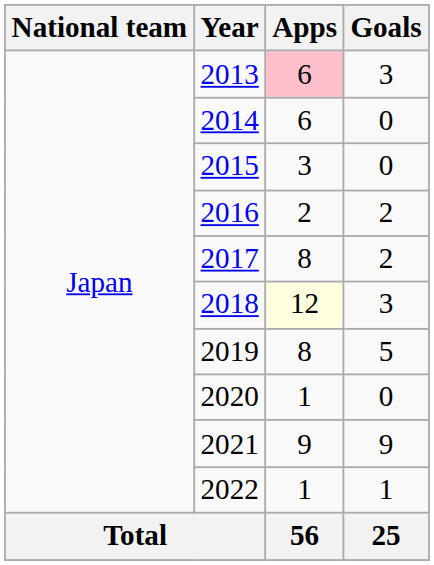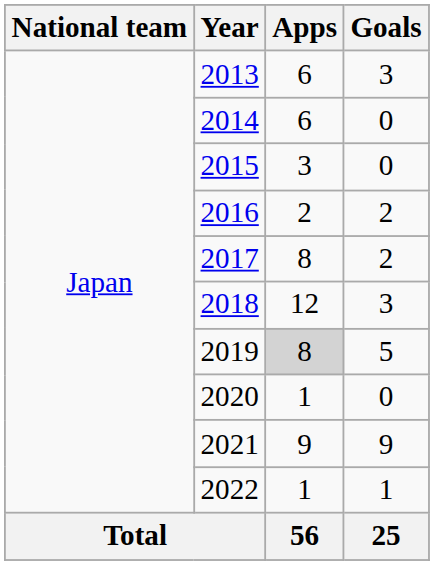 <table class="wikitable" style="text-align:center">
 <tr>
 <th>National team</th>
 <th>Year</th>
 <th>Apps</th>
 <th>Goals</th>
 </tr>
 <tr>
 <td rowspan="10"><a href='#'>Japan</a></td>
 <td><a href='#'>2013</a></td>
-<td style="background: pink;">6</td>
+<td>6</td>
 <td>3</td>
 </tr>
 <tr>
 <td><a href='#'>2014</a></td>
 <td>6</td>
 <td>0</td>
 </tr>
 <tr>
 <td><a href='#'>2015</a></td>
 <td>3</td>
 <td>0</td>
 </tr>
 <tr>
 <td><a href='#'>2016</a></td>
 <td>2</td>
 <td>2</td>
 </tr>
 <tr>
 <td><a href='#'>2017</a></td>
 <td>8</td>
 <td>2</td>
 </tr>
 <tr>
 <td><a href='#'>2018</a></td>
-<td style="background: lightyellow;">12</td>
+<td>12</td>
 <td>3</td>
 </tr>
 <tr>
 <td>2019</td>
-<td>8</td>
+<td style="background: lightgrey;">8</td>
 <td>5</td>
 </tr>
 <tr>
 <td>2020</td>
 <td>1</td>
 <td>0</td>
 </tr>
 <tr>
 <td>2021</td>
 <td>9</td>
 <td>9</td>
 </tr>
 <tr>
 <td>2022</td>
 <td>1</td>
 <td>1</td>
 </tr>
 <tr>
 <th colspan="2">Total</th>
 <th>56</th>
 <th>25</th>
 </tr>
 </table>
